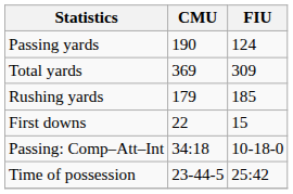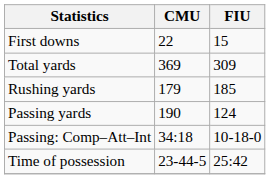 <table class="wikitable" style="float: left;">
 <tr>
 <th>Statistics</th>
 <th>CMU</th>
 <th>FIU</th>
 </tr>
 <tr>
-<td>Passing yards</td>
-<td>190</td>
-<td>124</td>
+<td>First downs</td>
+<td>22</td>
+<td>15</td>
 </tr>
 <tr>
 <td>Total yards</td>
 <td>369</td>
 <td>309</td>
 </tr>
 <tr>
 <td>Rushing yards</td>
 <td>179</td>
 <td>185</td>
 </tr>
 <tr>
-<td>First downs</td>
-<td>22</td>
-<td>15</td>
+<td>Passing yards</td>
+<td>190</td>
+<td>124</td>
 </tr>
 <tr>
 <td>Passing: Comp–Att–Int</td>
 <td>34:18</td>
 <td>10-18-0</td>
 </tr>
 <tr>
 <td>Time of possession</td>
 <td>23-44-5</td>
 <td>25:42</td>
 </tr>
 <tr>
 </tr>
 </table>
